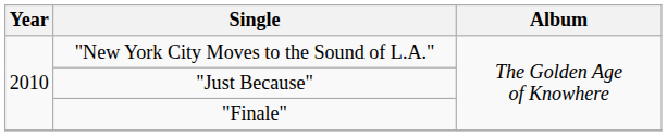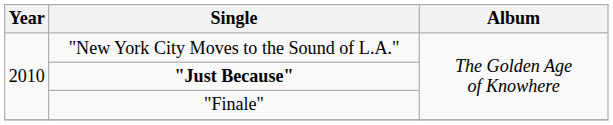 <table class="wikitable" style="text-align:center;" border="1">
 <tr>
 <th scope="col" style="width:2em;">Year</th>
 <th scope="col" style="width:20em;">Single</th>
 <th scope="col" style="width:10em;">Album</th>
 </tr>
 <tr>
 <td rowspan="3">2010</td>
 <td>"New York City Moves to the Sound of L.A."</td>
 <td rowspan="3"><em>The Golden Age<br>of Knowhere</em></td>
 </tr>
 <tr>
-<td>"Just Because"</td>
+<td><strong>"Just Because"</strong></td>
 </tr>
 <tr>
 <td>"Finale"</td>
 </tr>
 <tr>
 </tr>
 </table>
